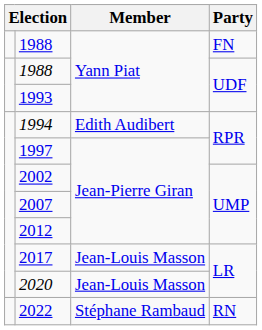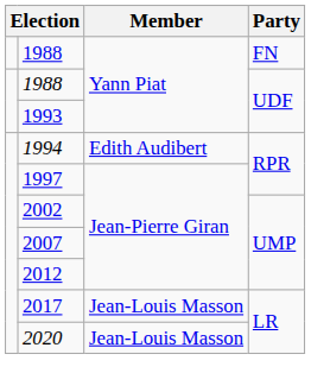 <table class="wikitable">
 <tr>
 <th colspan=2>Election</th>
 <th>Member</th>
 <th>Party</th>
 </tr>
 <tr>
 <td style="background-color: "></td>
 <td><a href='#'>1988</a></td>
 <td rowspan="3"><a href='#'>Yann Piat</a></td>
 <td><a href='#'>FN</a></td>
 </tr>
 <tr>
 <td rowspan="2" style="background-color: "></td>
 <td><em>1988</em></td>
 <td rowspan="2"><a href='#'>UDF</a></td>
 </tr>
 <tr>
 <td><a href='#'>1993</a></td>
 </tr>
 <tr>
 <td rowspan="7" style="background-color: "></td>
 <td><em>1994</em></td>
 <td><a href='#'>Edith Audibert</a></td>
 <td rowspan="2"><a href='#'>RPR</a></td>
 </tr>
 <tr>
 <td><a href='#'>1997</a></td>
 <td rowspan="4"><a href='#'>Jean-Pierre Giran</a></td>
 </tr>
 <tr>
 <td><a href='#'>2002</a></td>
 <td rowspan="3"><a href='#'>UMP</a></td>
 </tr>
 <tr>
 <td><a href='#'>2007</a></td>
 </tr>
 <tr>
 <td><a href='#'>2012</a></td>
 </tr>
 <tr>
 <td><a href='#'>2017</a></td>
 <td><a href='#'>Jean-Louis Masson</a></td>
 <td rowspan="2"><a href='#'>LR</a></td>
 </tr>
 <tr>
 <td><em>2020</em></td>
 <td><a href='#'>Jean-Louis Masson</a></td>
 </tr>
-<tr>
-<td style="background-color: "></td>
-<td><a href='#'>2022</a></td>
-<td><a href='#'>Stéphane Rambaud</a></td>
-<td><a href='#'>RN</a></td>
-</tr>
 </table>
